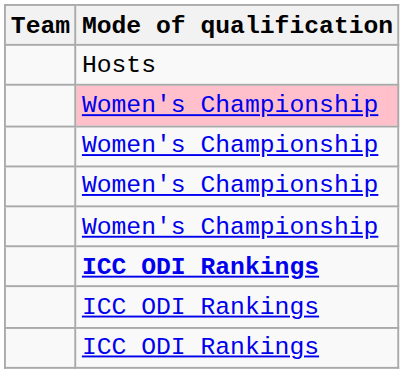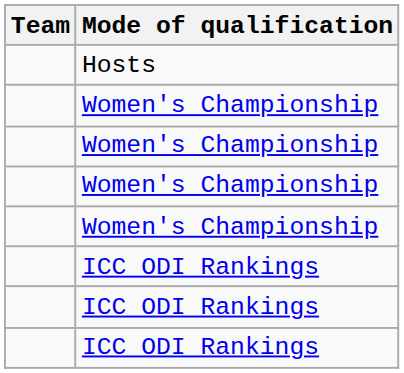 <table class="wikitable">
 <tr>
 <th>Team</th>
 <th>Mode of qualification</th>
 </tr>
 <tr>
 <td></td>
 <td>Hosts</td>
-</tr>
-<tr>
-<td></td>
-<td style="background: pink;"><a href='#'>Women's Championship</a></td>
 </tr>
 <tr>
 <td></td>
 <td><a href='#'>Women's Championship</a></td>
 </tr>
 <tr>
 <td></td>
 <td><a href='#'>Women's Championship</a></td>
 </tr>
 <tr>
 <td></td>
 <td><a href='#'>Women's Championship</a></td>
 </tr>
 <tr>
 <td></td>
-<td><strong><a href='#'>ICC ODI Rankings</a></strong></td>
+<td><a href='#'>Women's Championship</a></td>
+</tr>
+<tr>
+<td></td>
+<td><a href='#'>ICC ODI Rankings</a></td>
 </tr>
 <tr>
 <td></td>
 <td><a href='#'>ICC ODI Rankings</a></td>
 </tr>
 <tr>
 <td></td>
 <td><a href='#'>ICC ODI Rankings</a></td>
 </tr>
 </table>
